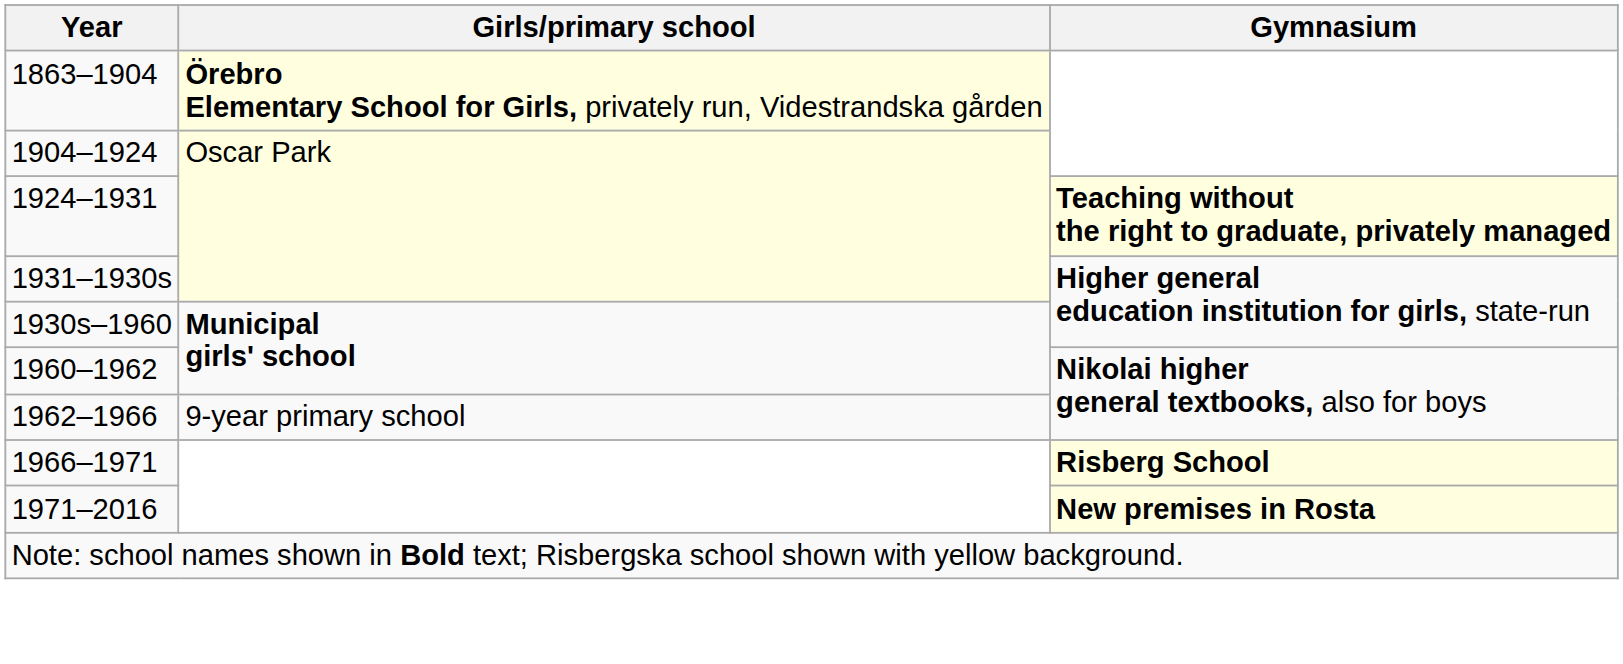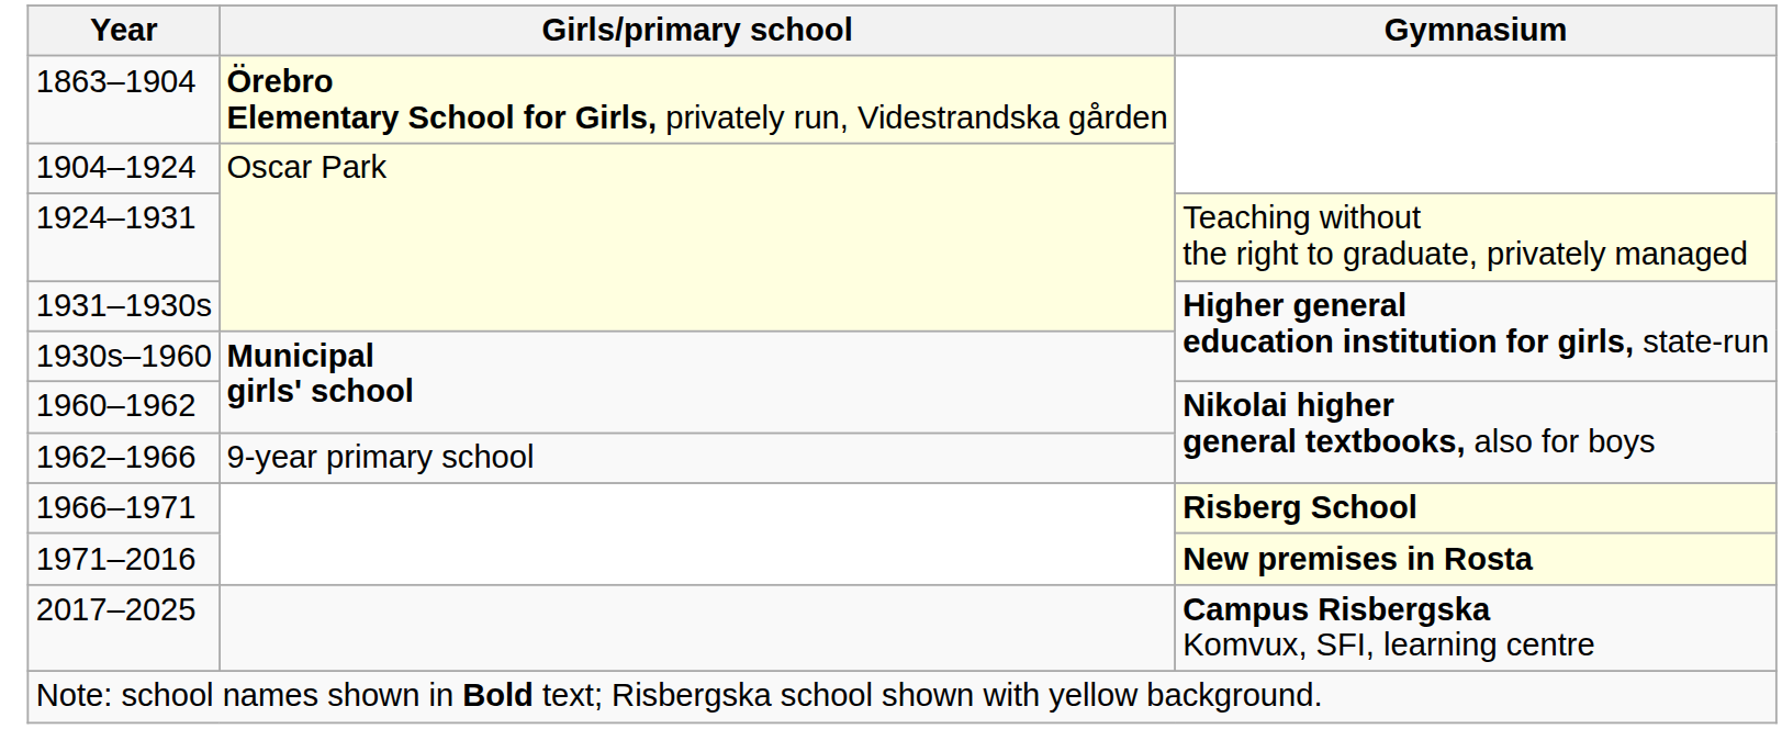 <table class="wikitable" align="right">
 <tr>
 <th>Year</th>
 <th>Girls/primary school</th>
 <th>Gymnasium</th>
 </tr>
 <tr valign="top">
 <td>1863–1904</td>
 <td bgcolor="lightyellow"><strong>Örebro</strong><br><strong>Elementary School</strong> <strong>for Girls,</strong> privately run, Videstrandska gården</td>
 <td rowspan="2" bgcolor="white"></td>
 </tr>
 <tr valign="top">
 <td>1904–1924</td>
 <td rowspan="3" bgcolor="lightyellow">Oscar Park</td>
 </tr>
 <tr valign="top">
 <td>1924–1931</td>
-<td bgcolor="lightyellow"><strong>Teaching without<br>the right to graduate, privately managed</strong></td>
+<td bgcolor="lightyellow">Teaching without<br>the right to graduate, privately managed</td>
 </tr>
 <tr valign="top">
 <td>1931–1930s</td>
 <td rowspan="2"><strong>Higher general</strong><br><strong>education institution for girls,</strong> state-run</td>
 </tr>
 <tr valign="top">
 <td>1930s–1960</td>
 <td rowspan="2"><strong>Municipal</strong><br><strong>girls' school</strong></td>
 </tr>
 <tr valign="top">
 <td>1960–1962</td>
 <td rowspan="2"><strong>Nikolai higher</strong><br><strong>general textbooks,</strong> also for boys</td>
 </tr>
 <tr valign="top">
 <td>1962–1966</td>
 <td>9-year primary school</td>
 </tr>
 <tr valign="top">
 <td>1966–1971</td>
 <td rowspan="2" bgcolor="white"></td>
 <td bgcolor="lightyellow"><strong>Risberg School</strong></td>
 </tr>
 <tr valign="top">
 <td>1971–2016</td>
 <td bgcolor="lightyellow"><strong>New premises in Rosta</strong></td>
 </tr>
 <tr valign="top">
+<td>2017–2025</td>
+<td></td>
+<td><strong>Campus Risbergska</strong><br>Komvux, SFI, learning centre</td>
+</tr>
+<tr valign="top">
 <td colspan="3">Note: school names shown in <strong>Bold</strong> text; Risbergska school shown with yellow background.</td>
 </tr>
 </table>
